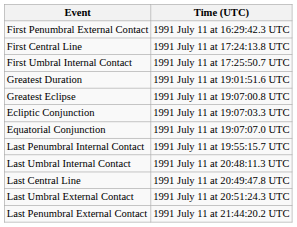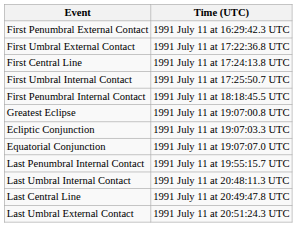 <table class="wikitable">
 <tr>
 <th>Event</th>
 <th>Time (UTC)</th>
 </tr>
 <tr>
 <td>First Penumbral External Contact</td>
 <td>1991 July 11 at 16:29:42.3 UTC</td>
 </tr>
 <tr>
+<td>First Umbral External Contact</td>
+<td>1991 July 11 at 17:22:36.8 UTC</td>
+</tr>
+<tr>
 <td>First Central Line</td>
 <td>1991 July 11 at 17:24:13.8 UTC</td>
 </tr>
 <tr>
 <td>First Umbral Internal Contact</td>
 <td>1991 July 11 at 17:25:50.7 UTC</td>
 </tr>
 <tr>
-<td>Greatest Duration</td>
-<td>1991 July 11 at 19:01:51.6 UTC</td>
+<td>First Penumbral Internal Contact</td>
+<td>1991 July 11 at 18:18:45.5 UTC</td>
 </tr>
 <tr>
 <td>Greatest Eclipse</td>
 <td>1991 July 11 at 19:07:00.8 UTC</td>
 </tr>
 <tr>
 <td>Ecliptic Conjunction</td>
 <td>1991 July 11 at 19:07:03.3 UTC</td>
 </tr>
 <tr>
 <td>Equatorial Conjunction</td>
 <td>1991 July 11 at 19:07:07.0 UTC</td>
 </tr>
 <tr>
 <td>Last Penumbral Internal Contact</td>
 <td>1991 July 11 at 19:55:15.7 UTC</td>
 </tr>
 <tr>
 <td>Last Umbral Internal Contact</td>
 <td>1991 July 11 at 20:48:11.3 UTC</td>
 </tr>
 <tr>
 <td>Last Central Line</td>
 <td>1991 July 11 at 20:49:47.8 UTC</td>
 </tr>
 <tr>
 <td>Last Umbral External Contact</td>
 <td>1991 July 11 at 20:51:24.3 UTC</td>
 </tr>
-<tr>
-<td>Last Penumbral External Contact</td>
-<td>1991 July 11 at 21:44:20.2 UTC</td>
-</tr>
 </table>
